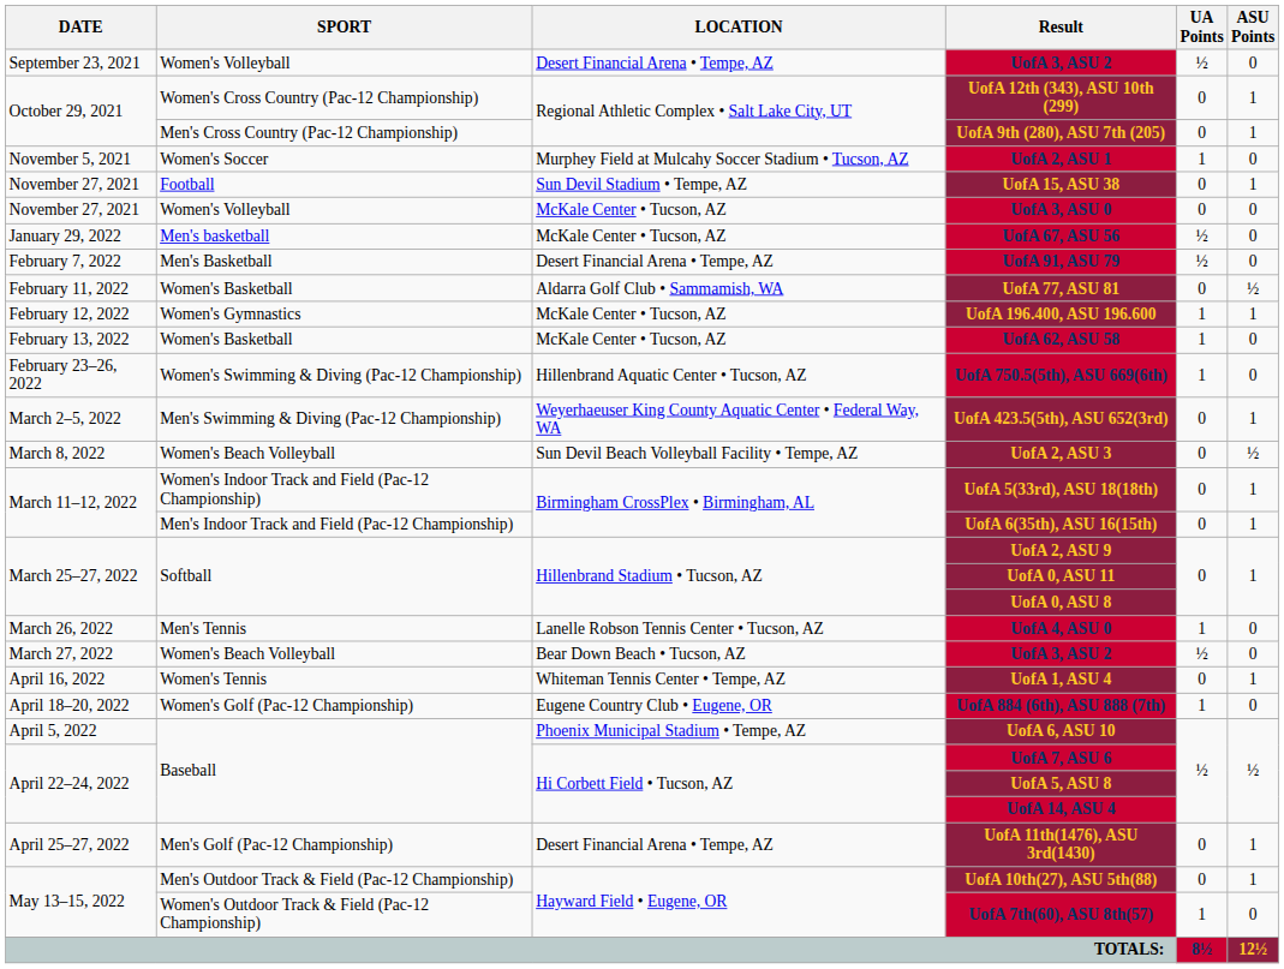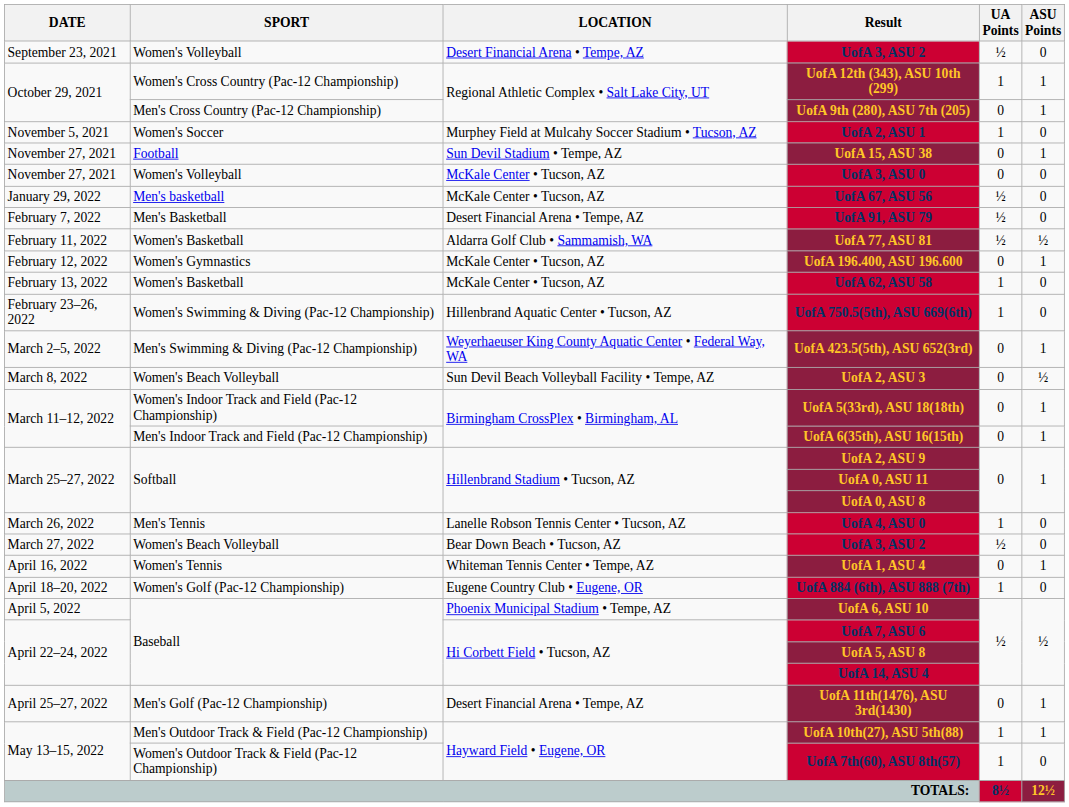 <table class=wikitable>
 <tr>
 <th>DATE</th>
 <th>SPORT</th>
 <th>LOCATION</th>
 <th>Result</th>
 <th>UA<br>Points</th>
 <th>ASU<br>Points</th>
 </tr>
 <tr>
 <td>September 23, 2021</td>
 <td>Women's Volleyball</td>
 <td><a href='#'>Desert Financial Arena</a> • <a href='#'>Tempe, AZ</a></td>
 <th style="background:#CC0033; color:#003366;">UofA 3, ASU 2</th>
 <td align="center">½</td>
 <td align="center">0</td>
 </tr>
 <tr>
 <td rowspan=2>October 29, 2021</td>
 <td>Women's Cross Country (Pac-12 Championship)</td>
 <td rowspan=2>Regional Athletic Complex • <a href='#'>Salt Lake City, UT</a></td>
 <th style="background:#8C1D40; color:#FFC627;">UofA 12th (343), ASU 10th (299)</th>
-<td align="center">0</td>
+<td align="center">1</td>
 <td align="center">1</td>
 </tr>
 <tr>
 <td>Men's Cross Country (Pac-12 Championship)</td>
 <th style="background:#8C1D40; color:#FFC627;">UofA 9th (280), ASU 7th (205)</th>
 <td align="center">0</td>
 <td align="center">1</td>
 </tr>
 <tr>
 <td>November 5, 2021</td>
 <td>Women's Soccer</td>
 <td>Murphey Field at Mulcahy Soccer Stadium • <a href='#'>Tucson, AZ</a></td>
 <th style="background:#CC0033; color:#003366;">UofA 2, ASU 1</th>
 <td align="center">1</td>
 <td align="center">0</td>
 </tr>
 <tr>
 <td>November 27, 2021</td>
 <td><a href='#'>Football</a></td>
 <td><a href='#'>Sun Devil Stadium</a> • Tempe, AZ</td>
 <th style="background:#8C1D40; color:#FFC627;">UofA 15, ASU 38</th>
 <td align="center">0</td>
 <td align="center">1</td>
 </tr>
 <tr>
 <td>November 27, 2021</td>
 <td>Women's Volleyball</td>
 <td><a href='#'>McKale Center</a> • Tucson, AZ</td>
 <th style="background:#CC0033; color:#003366;">UofA 3, ASU 0</th>
 <td align="center">0</td>
 <td align="center">0</td>
 </tr>
 <tr>
 <td>January 29, 2022</td>
 <td><a href='#'>Men's basketball</a></td>
 <td>McKale Center • Tucson, AZ</td>
 <th style="background:#CC0033; color:#003366;">UofA 67, ASU 56</th>
 <td align="center">½</td>
 <td align="center">0</td>
 </tr>
 <tr>
 <td>February 7, 2022</td>
 <td>Men's Basketball</td>
 <td>Desert Financial Arena • Tempe, AZ</td>
 <th style="background:#CC0033; color:#003366;">UofA 91, ASU 79</th>
 <td align="center">½</td>
 <td align="center">0</td>
 </tr>
 <tr>
 <td>February 11, 2022</td>
 <td>Women's Basketball</td>
 <td>Aldarra Golf Club • <a href='#'>Sammamish, WA</a></td>
 <th style="background:#8C1D40; color:#FFC627;">UofA 77, ASU 81</th>
-<td align="center">0</td>
+<td align="center">½</td>
 <td align="center">½</td>
 </tr>
 <tr>
 <td>February 12, 2022</td>
 <td>Women's Gymnastics</td>
 <td>McKale Center • Tucson, AZ</td>
 <th style="background:#8C1D40; color:#FFC627;">UofA 196.400, ASU 196.600</th>
-<td align="center">1</td>
+<td align="center">0</td>
 <td align="center">1</td>
 </tr>
 <tr>
 <td>February 13, 2022</td>
 <td>Women's Basketball</td>
 <td>McKale Center • Tucson, AZ</td>
 <th style="background:#CC0033; color:#003366;">UofA 62, ASU 58</th>
 <td align="center">1</td>
 <td align="center">0</td>
 </tr>
 <tr>
 <td>February 23–26, 2022</td>
 <td>Women's Swimming & Diving (Pac-12 Championship)</td>
 <td>Hillenbrand Aquatic Center • Tucson, AZ</td>
 <th style="background:#CC0033; color:#003366;">UofA 750.5(5th), ASU 669(6th)</th>
 <td align="center">1</td>
 <td align="center">0</td>
 </tr>
 <tr>
 <td>March 2–5, 2022</td>
 <td>Men's Swimming & Diving (Pac-12 Championship)</td>
 <td><a href='#'>Weyerhaeuser King County Aquatic Center</a> • <a href='#'>Federal Way, WA</a></td>
 <th style="background:#8C1D40; color:#FFC627;">UofA 423.5(5th), ASU 652(3rd)</th>
 <td align="center">0</td>
 <td align="center">1</td>
 </tr>
 <tr>
 <td>March 8, 2022</td>
 <td>Women's Beach Volleyball</td>
 <td>Sun Devil Beach Volleyball Facility • Tempe, AZ</td>
 <th style="background:#8C1D40; color:#FFC627;">UofA 2, ASU 3</th>
 <td align="center">0</td>
 <td align="center">½</td>
 </tr>
 <tr>
 <td rowspan=2>March 11–12, 2022</td>
 <td>Women's Indoor Track and Field (Pac-12 Championship)</td>
 <td rowspan=2><a href='#'>Birmingham CrossPlex</a> • <a href='#'>Birmingham, AL</a></td>
 <th style="background:#8C1D40; color:#FFC627;">UofA 5(33rd), ASU 18(18th)</th>
 <td align="center">0</td>
 <td align="center">1</td>
 </tr>
 <tr>
 <td>Men's Indoor Track and Field (Pac-12 Championship)</td>
 <th style="background:#8C1D40; color:#FFC627;">UofA 6(35th), ASU 16(15th)</th>
 <td align="center">0</td>
 <td align="center">1</td>
 </tr>
 <tr>
 <td rowspan="3">March 25–27, 2022</td>
 <td rowspan="3">Softball</td>
 <td rowspan="3"><a href='#'>Hillenbrand Stadium</a> • Tucson, AZ</td>
 <th style="background:#8C1D40; color:#FFC627;">UofA 2, ASU 9</th>
 <td rowspan="3" align="center">0</td>
 <td rowspan="3" align="center">1</td>
 </tr>
 <tr>
 <th style="background:#8C1D40; color:#FFC627;">UofA 0, ASU 11</th>
 </tr>
 <tr>
 <th style="background:#8C1D40; color:#FFC627;">UofA 0, ASU 8</th>
 </tr>
 <tr>
 <td>March 26, 2022</td>
 <td>Men's Tennis</td>
 <td>Lanelle Robson Tennis Center • Tucson, AZ</td>
 <th style="background:#CC0033; color:#003366;">UofA 4, ASU 0</th>
 <td align="center">1</td>
 <td align="center">0</td>
 </tr>
 <tr>
 <td>March 27, 2022</td>
 <td>Women's Beach Volleyball</td>
 <td>Bear Down Beach • Tucson, AZ</td>
 <th style="background:#CC0033; color:#003366;">UofA 3, ASU 2</th>
 <td align="center">½</td>
 <td align="center">0</td>
 </tr>
 <tr>
 <td>April 16, 2022</td>
 <td>Women's Tennis</td>
 <td>Whiteman Tennis Center • Tempe, AZ</td>
 <th style="background:#8C1D40; color:#FFC627;">UofA 1, ASU 4</th>
 <td align="center">0</td>
 <td align="center">1</td>
 </tr>
 <tr>
 <td>April 18–20, 2022</td>
 <td>Women's Golf (Pac-12 Championship)</td>
 <td>Eugene Country Club • <a href='#'>Eugene, OR</a></td>
 <th style="background:#CC0033; color:#003366;">UofA 884 (6th), ASU 888 (7th)</th>
 <td align="center">1</td>
 <td align="center">0</td>
 </tr>
 <tr>
 <td>April 5, 2022</td>
 <td rowspan=4>Baseball</td>
 <td><a href='#'>Phoenix Municipal Stadium</a> • Tempe, AZ</td>
 <th style="background:#8C1D40; color:#FFC627;">UofA 6, ASU 10</th>
 <td rowspan="4" align="center">½</td>
 <td rowspan="4" align="center">½</td>
 </tr>
 <tr>
 <td rowspan="3">April 22–24, 2022</td>
 <td rowspan=3><a href='#'>Hi Corbett Field</a> • Tucson, AZ</td>
 <th style="background:#CC0033; color:#003366;">UofA 7, ASU 6</th>
 </tr>
 <tr>
 <th style="background:#8C1D40; color:#FFC627;">UofA 5, ASU 8</th>
 </tr>
 <tr>
 <th style="background:#CC0033; color:#003366;">UofA 14, ASU 4</th>
 </tr>
 <tr>
 <td>April 25–27, 2022</td>
 <td>Men's Golf (Pac-12 Championship)</td>
 <td>Desert Financial Arena • Tempe, AZ</td>
 <th style="background:#8C1D40; color:#FFC627;">UofA 11th(1476), ASU 3rd(1430)</th>
 <td align="center">0</td>
 <td align="center">1</td>
 </tr>
 <tr>
 <td rowspan=2>May 13–15, 2022</td>
 <td>Men's Outdoor Track & Field (Pac-12 Championship)</td>
 <td rowspan=2><a href='#'>Hayward Field</a> • <a href='#'>Eugene, OR</a></td>
 <th style="background:#8C1D40; color:#FFC627;">UofA 10th(27), ASU 5th(88)</th>
-<td align="center">0</td>
+<td align="center">1</td>
 <td align="center">1</td>
 </tr>
 <tr>
 <td>Women's Outdoor Track & Field (Pac-12 Championship)</td>
 <th style="background:#CC0033; color:#003366;">UofA 7th(60), ASU 8th(57)</th>
 <td align="center">1</td>
 <td align="center">0</td>
 </tr>
 <tr>
 </tr>
 <tr style="background:#bccccc;">
 <td colspan="4" style="text-align:right;"><strong>TOTALS:</strong>  </td>
 <th style="background:#CC0033; color:#003366;">8½</th>
 <th style="background:#8C1D40; color:#FFC627;">12½</th>
 </tr>
 </table>
